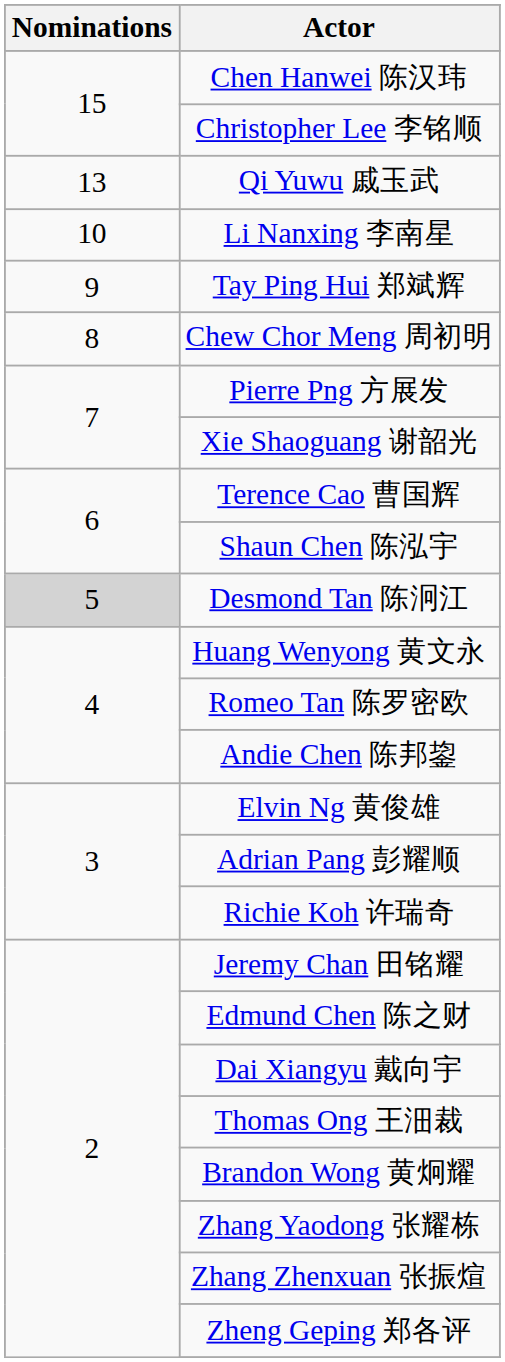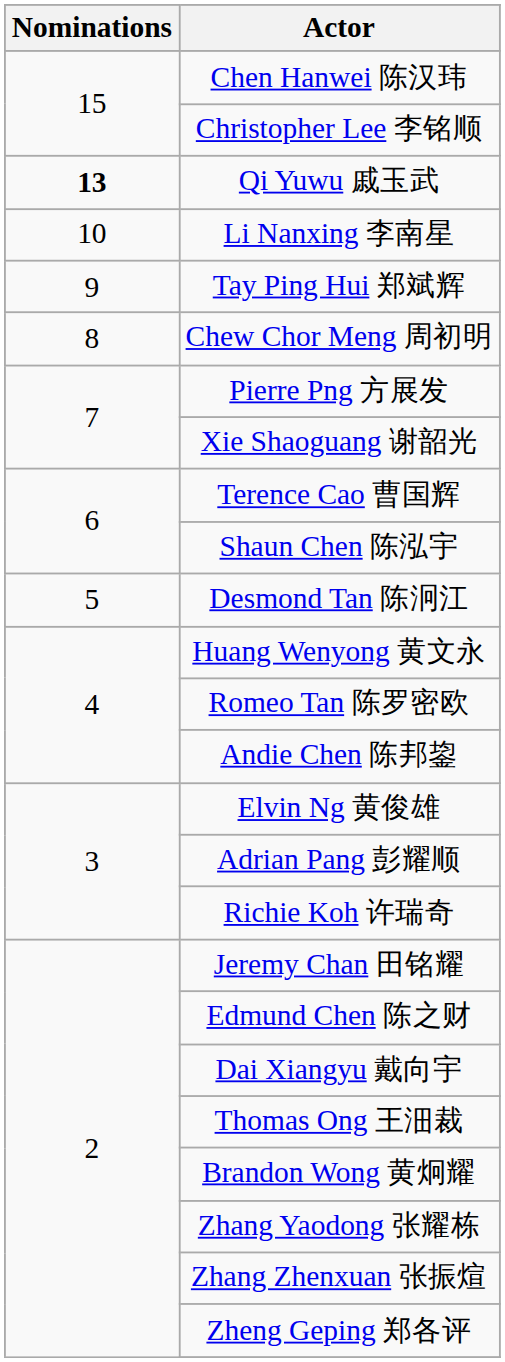 <table class="wikitable" style="text-align:center;">
 <tr>
 <th scope="col" width="55">Nominations</th>
 <th scope="col" align="center">Actor</th>
 </tr>
 <tr>
 <td rowspan=2 style="text-align:center">15</td>
 <td><a href='#'>Chen Hanwei</a> 陈汉玮</td>
 </tr>
 <tr>
 <td><a href='#'>Christopher Lee</a> 李铭顺</td>
 </tr>
 <tr>
-<td style="text-align:center">13</td>
+<td style="text-align:center"><strong>13</strong></td>
 <td><a href='#'>Qi Yuwu</a> 戚玉武</td>
 </tr>
 <tr>
 <td style="text-align:center">10</td>
 <td><a href='#'>Li Nanxing</a> 李南星</td>
 </tr>
 <tr>
 <td style="text-align:center">9</td>
 <td><a href='#'>Tay Ping Hui</a> 郑斌辉</td>
 </tr>
 <tr>
 <td style="text-align:center">8</td>
 <td><a href='#'>Chew Chor Meng</a> 周初明</td>
 </tr>
 <tr>
 <td rowspan=2 style="text-align:center">7</td>
 <td><a href='#'>Pierre Png</a> 方展发</td>
 </tr>
 <tr>
 <td><a href='#'>Xie Shaoguang</a> 谢韶光</td>
 </tr>
 <tr>
 <td rowspan=2 style="text-align:center">6</td>
 <td><a href='#'>Terence Cao</a> 曹国辉</td>
 </tr>
 <tr>
 <td><a href='#'>Shaun Chen</a> 陈泓宇</td>
 </tr>
 <tr>
-<td style="background: lightgrey; text-align:center">5</td>
+<td style="text-align:center">5</td>
 <td><a href='#'>Desmond Tan</a> 陈泂江</td>
 </tr>
 <tr>
 <td rowspan=3 style="text-align:center">4</td>
 <td><a href='#'>Huang Wenyong</a> 黄文永</td>
 </tr>
 <tr>
 <td><a href='#'>Romeo Tan</a> 陈罗密欧</td>
 </tr>
 <tr>
 <td><a href='#'>Andie Chen</a> 陈邦鋆</td>
 </tr>
 <tr>
 <td rowspan=3 style="text-align:center">3</td>
 <td><a href='#'>Elvin Ng</a> 黄俊雄</td>
 </tr>
 <tr>
 <td><a href='#'>Adrian Pang</a> 彭耀顺</td>
 </tr>
 <tr>
 <td><a href='#'>Richie Koh</a> 许瑞奇</td>
 </tr>
 <tr>
 <td rowspan=9 style="text-align:center">2</td>
 <td><a href='#'>Jeremy Chan</a> 田铭耀</td>
 </tr>
 <tr>
 <td><a href='#'>Edmund Chen</a> 陈之财</td>
 </tr>
 <tr>
 <td><a href='#'>Dai Xiangyu</a> 戴向宇</td>
 </tr>
 <tr>
 <td><a href='#'>Thomas Ong</a> 王沺裁</td>
 </tr>
 <tr>
 <td><a href='#'>Brandon Wong</a> 黄炯耀</td>
 </tr>
 <tr>
 <td><a href='#'>Zhang Yaodong</a> 张耀栋</td>
 </tr>
 <tr>
 <td><a href='#'>Zhang Zhenxuan</a> 张振煊</td>
 </tr>
 <tr>
 <td><a href='#'>Zheng Geping</a> 郑各评</td>
 </tr>
 <tr>
 </tr>
 </table>
